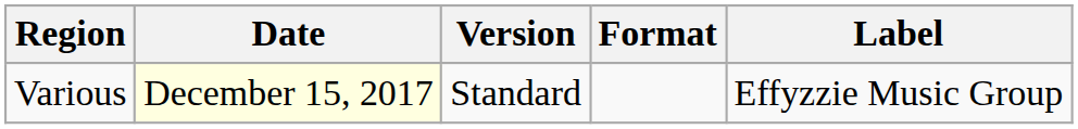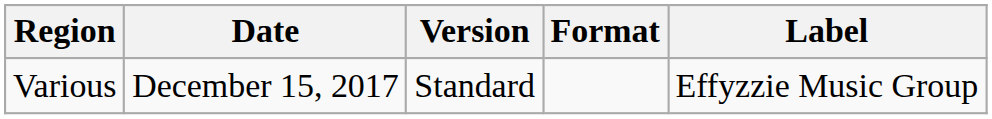 <table class="wikitable">
 <tr>
 <th>Region</th>
 <th>Date</th>
 <th>Version</th>
 <th>Format</th>
 <th>Label</th>
 </tr>
 <tr>
 <td>Various</td>
-<td style="background: lightyellow;">December 15, 2017</td>
+<td>December 15, 2017</td>
 <td rowspan="2">Standard</td>
 <td></td>
 <td rowspan="2">Effyzzie Music Group</td>
 </tr>
 </table>
